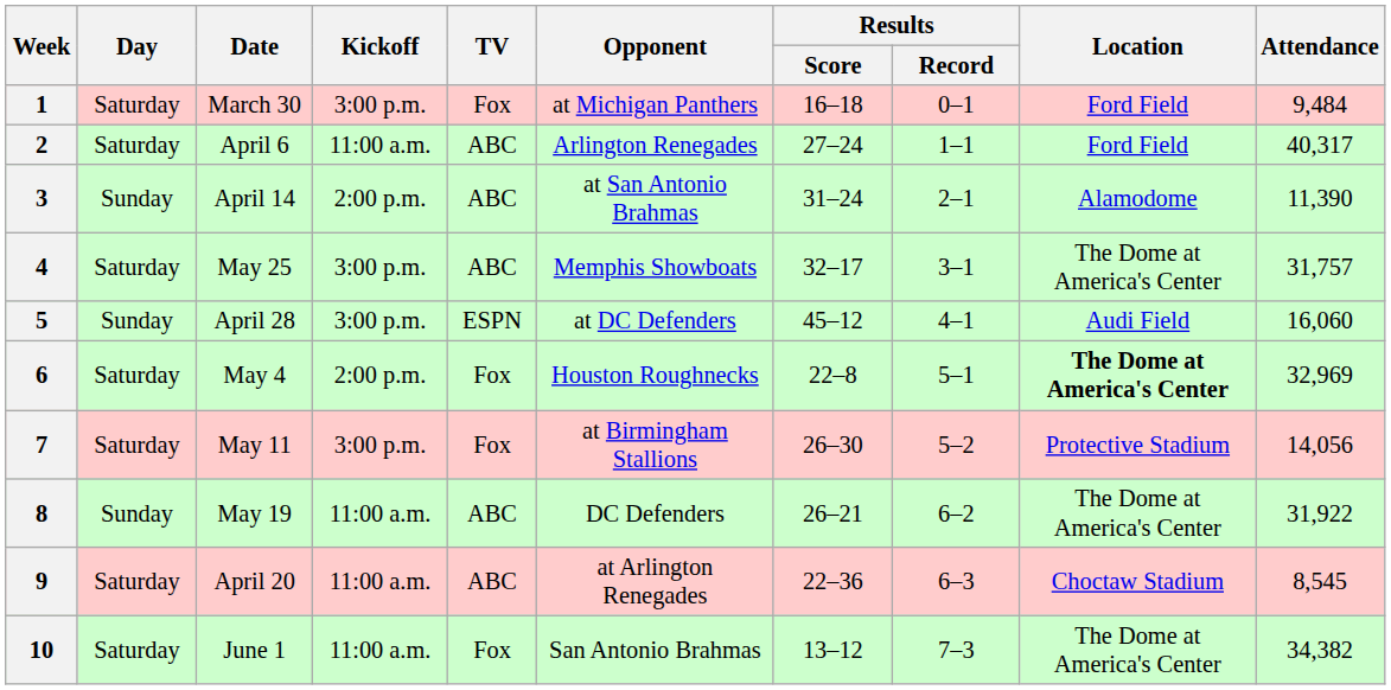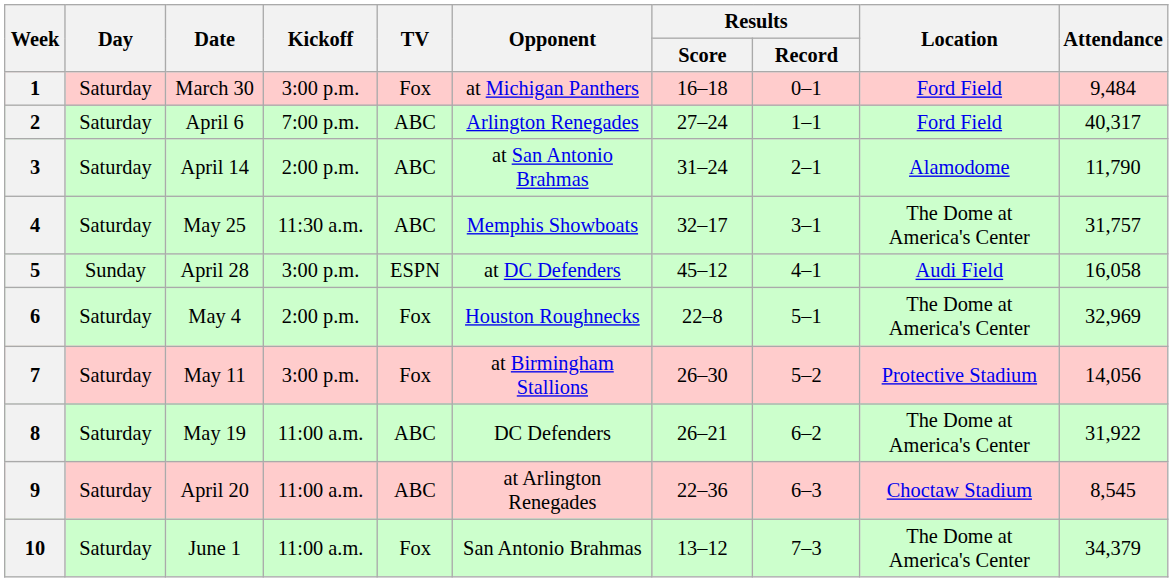 <table class="wikitable" style="text-align:center; font-size: 95%;">
 <tr>
 <th rowspan="2" width="40">Week</th>
 <th rowspan="2" width="80">Day</th>
 <th rowspan="2" width="90">Date</th>
 <th rowspan="2" width="90">Kickoff</th>
 <th rowspan="2" width="60">TV</th>
 <th rowspan="2" width="200">Opponent</th>
 <th colspan="2" width="200">Results</th>
 <th rowspan="2" width="200">Location</th>
 <th rowspan="2">Attendance</th>
 </tr>
 <tr>
 <th width="60">Score</th>
 <th width="60">Record</th>
 </tr>
 <tr style="background:#ffcccc">
 <th>1</th>
 <td>Saturday</td>
 <td>March 30</td>
 <td>3:00 p.m.</td>
 <td>Fox</td>
 <td>at <a href='#'>Michigan Panthers</a></td>
 <td>16–18</td>
 <td>0–1</td>
 <td><a href='#'>Ford Field</a></td>
 <td>9,484</td>
 </tr>
 <tr style="background:#ccffcc">
 <th>2</th>
 <td>Saturday</td>
 <td>April 6</td>
-<td>11:00 a.m.</td>
+<td>7:00 p.m.</td>
 <td>ABC</td>
 <td><a href='#'>Arlington Renegades</a></td>
 <td>27–24</td>
 <td>1–1</td>
 <td><a href='#'>Ford Field</a></td>
 <td>40,317</td>
 </tr>
 <tr style="background:#ccffcc">
 <th>3</th>
-<td>Sunday</td>
+<td>Saturday</td>
 <td>April 14</td>
 <td>2:00 p.m.</td>
 <td>ABC</td>
 <td>at <a href='#'>San Antonio Brahmas</a></td>
 <td>31–24</td>
 <td>2–1</td>
 <td><a href='#'>Alamodome</a></td>
-<td>11,390</td>
+<td>11,790</td>
 </tr>
 <tr style="background:#ccffcc">
 <th>4</th>
 <td>Saturday</td>
 <td>May 25</td>
-<td>3:00 p.m.</td>
+<td>11:30 a.m.</td>
 <td>ABC</td>
 <td><a href='#'>Memphis Showboats</a></td>
 <td>32–17</td>
 <td>3–1</td>
 <td>The Dome at America's Center</td>
 <td>31,757</td>
 </tr>
 <tr style="background:#ccffcc">
 <th>5</th>
 <td>Sunday</td>
 <td>April 28</td>
 <td>3:00 p.m.</td>
 <td>ESPN</td>
 <td>at <a href='#'>DC Defenders</a></td>
 <td>45–12</td>
 <td>4–1</td>
 <td><a href='#'>Audi Field</a></td>
-<td>16,060</td>
+<td>16,058</td>
 </tr>
 <tr style="background:#ccffcc">
 <th>6</th>
 <td>Saturday</td>
 <td>May 4</td>
 <td>2:00 p.m.</td>
 <td>Fox</td>
 <td><a href='#'>Houston Roughnecks</a></td>
 <td>22–8</td>
 <td>5–1</td>
-<td><strong>The Dome at America's Center</strong></td>
+<td>The Dome at America's Center</td>
 <td>32,969</td>
 </tr>
 <tr style="background:#ffcccc">
 <th>7</th>
 <td>Saturday</td>
 <td>May 11</td>
 <td>3:00 p.m.</td>
 <td>Fox</td>
 <td>at <a href='#'>Birmingham Stallions</a></td>
 <td>26–30</td>
 <td>5–2</td>
 <td><a href='#'>Protective Stadium</a></td>
 <td>14,056</td>
 </tr>
 <tr style="background:#ccffcc">
 <th>8</th>
-<td>Sunday</td>
+<td>Saturday</td>
 <td>May 19</td>
 <td>11:00 a.m.</td>
 <td>ABC</td>
 <td>DC Defenders</td>
 <td>26–21</td>
 <td>6–2</td>
 <td>The Dome at America's Center</td>
 <td>31,922</td>
 </tr>
 <tr style="background:#ffcccc">
 <th>9</th>
 <td>Saturday</td>
 <td>April 20</td>
 <td>11:00 a.m.</td>
 <td>ABC</td>
 <td>at Arlington Renegades</td>
 <td>22–36</td>
 <td>6–3</td>
 <td><a href='#'>Choctaw Stadium</a></td>
 <td>8,545</td>
 </tr>
 <tr style="background:#ccffcc">
 <th>10</th>
 <td>Saturday</td>
 <td>June 1</td>
 <td>11:00 a.m.</td>
 <td>Fox</td>
 <td>San Antonio Brahmas</td>
 <td>13–12</td>
 <td>7–3</td>
 <td>The Dome at America's Center</td>
-<td>34,382</td>
+<td>34,379</td>
 </tr>
 </table>
